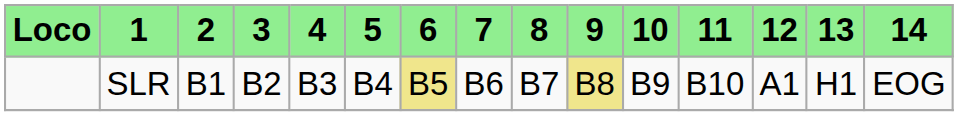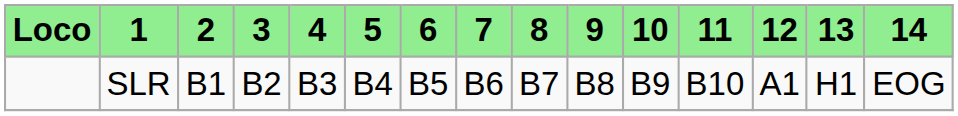 <table class="wikitable plainrowheaders unsortable" style="text-align:center">
 <tr>
 <th scope="col" rowspan="1" style="background:Lightgreen;">Loco</th>
 <th scope="col" rowspan="1" style="background:Lightgreen;">1</th>
 <th scope="col" rowspan="1" style="background:Lightgreen;">2</th>
 <th scope="col" rowspan="1" style="background:Lightgreen;">3</th>
 <th scope="col" rowspan="1" style="background:Lightgreen;">4</th>
 <th scope="col" rowspan="1" style="background:Lightgreen;">5</th>
 <th scope="col" rowspan="1" style="background:Lightgreen;">6</th>
 <th scope="col" rowspan="1" style="background:Lightgreen;">7</th>
 <th scope="col" rowspan="1" style="background:Lightgreen;">8</th>
 <th scope="col" rowspan="1" style="background:Lightgreen;">9</th>
 <th scope="col" rowspan="1" style="background:Lightgreen;">10</th>
 <th scope="col" rowspan="1" style="background:Lightgreen;">11</th>
 <th rowspan="1" scope="col" style="background:Lightgreen;">12</th>
 <th rowspan="1" scope="col" style="background:Lightgreen;">13</th>
 <th rowspan="1" scope="col" style="background:Lightgreen;">14</th>
 </tr>
 <tr>
 <td></td>
 <td>SLR</td>
 <td>B1</td>
 <td>B2</td>
 <td>B3</td>
 <td>B4</td>
-<td style="background: khaki;">B5</td>
+<td>B5</td>
 <td>B6</td>
 <td>B7</td>
-<td style="background: khaki;">B8</td>
+<td>B8</td>
 <td>B9</td>
 <td>B10</td>
 <td>A1</td>
 <td>H1</td>
 <td>EOG</td>
 </tr>
 <tr>
 </tr>
 </table>
